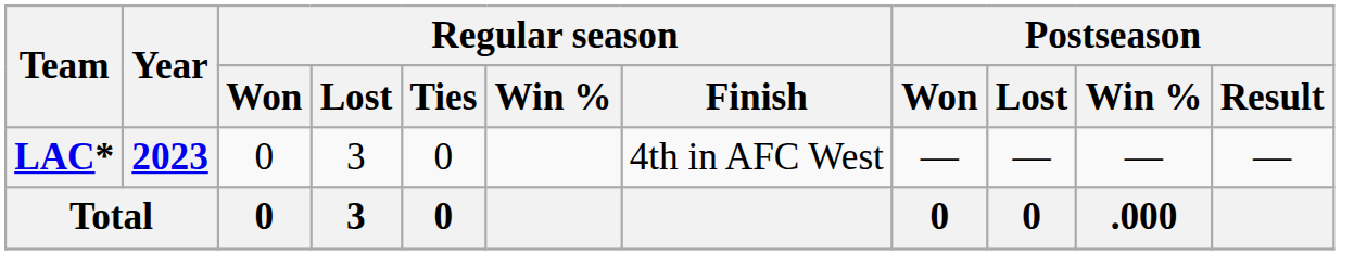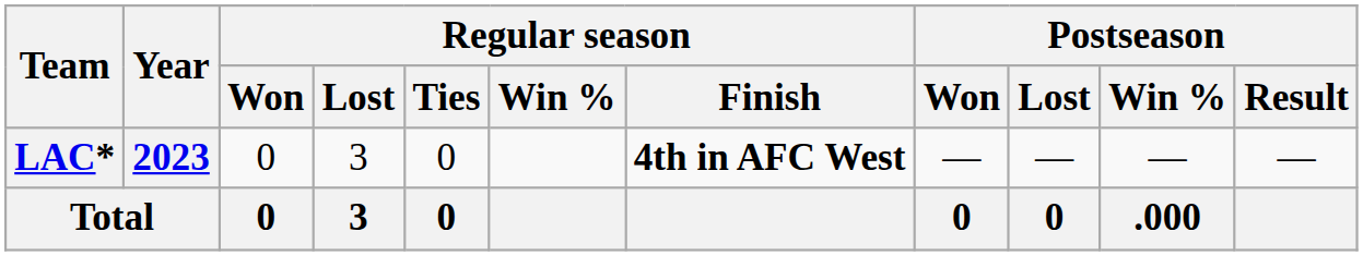 <table class="wikitable" style="text-align:center;">
 <tr>
 <th rowspan="2">Team</th>
 <th rowspan="2">Year</th>
 <th colspan="5">Regular season</th>
 <th colspan="4">Postseason</th>
 </tr>
 <tr>
 <th>Won</th>
 <th>Lost</th>
 <th>Ties</th>
 <th>Win %</th>
 <th>Finish</th>
 <th>Won</th>
 <th>Lost</th>
 <th>Win %</th>
 <th>Result</th>
 </tr>
 <tr>
 <th><a href='#'>LAC</a>*</th>
 <th><a href='#'>2023</a></th>
 <td>0</td>
 <td>3</td>
 <td>0</td>
 <td></td>
-<td>4th in AFC West</td>
+<td><strong>4th in AFC West</strong></td>
 <td>—</td>
 <td>—</td>
 <td>—</td>
 <td>—</td>
 </tr>
 <tr>
 <th colspan="2">Total</th>
 <th>0</th>
 <th>3</th>
 <th>0</th>
 <th></th>
 <th></th>
 <th>0</th>
 <th>0</th>
 <th>.000</th>
 <th></th>
 </tr>
 </table>
